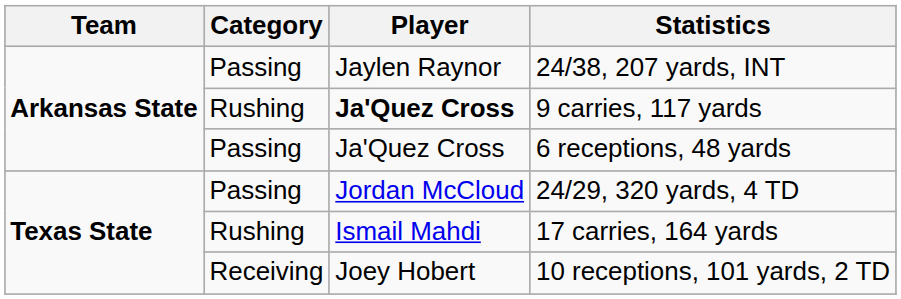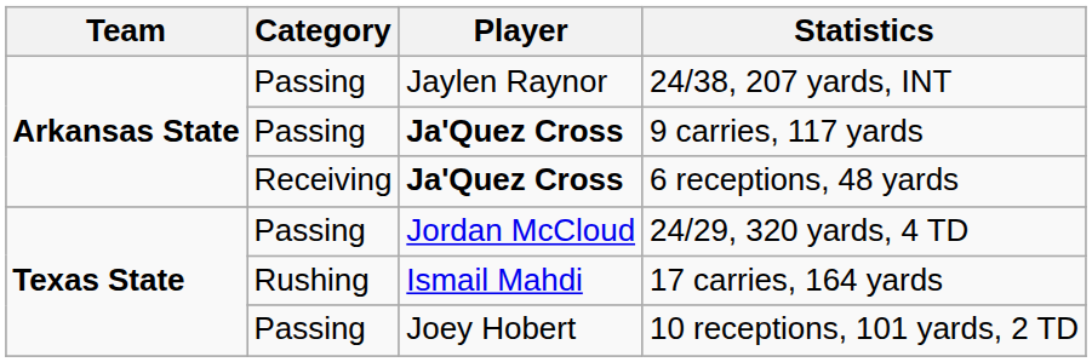 <table class="wikitable" style="float: right;">
 <tr>
 <th>Team</th>
 <th>Category</th>
 <th>Player</th>
 <th>Statistics</th>
 </tr>
 <tr>
 <td rowspan=3><strong>Arkansas State</strong></td>
 <td>Passing</td>
 <td>Jaylen Raynor</td>
 <td>24/38, 207 yards, INT</td>
 </tr>
 <tr>
-<td>Rushing</td>
+<td>Passing</td>
 <td><strong>Ja'Quez Cross</strong></td>
 <td>9 carries, 117 yards</td>
 </tr>
 <tr>
-<td>Passing</td>
-<td>Ja'Quez Cross</td>
+<td>Receiving</td>
+<td><strong>Ja'Quez Cross</strong></td>
 <td>6 receptions, 48 yards</td>
 </tr>
 <tr>
 <td rowspan=3><strong>Texas State</strong></td>
 <td>Passing</td>
 <td><a href='#'>Jordan McCloud</a></td>
 <td>24/29, 320 yards, 4 TD</td>
 </tr>
 <tr>
 <td>Rushing</td>
 <td><a href='#'>Ismail Mahdi</a></td>
 <td>17 carries, 164 yards</td>
 </tr>
 <tr>
-<td>Receiving</td>
+<td>Passing</td>
 <td>Joey Hobert</td>
 <td>10 receptions, 101 yards, 2 TD</td>
 </tr>
 </table>
